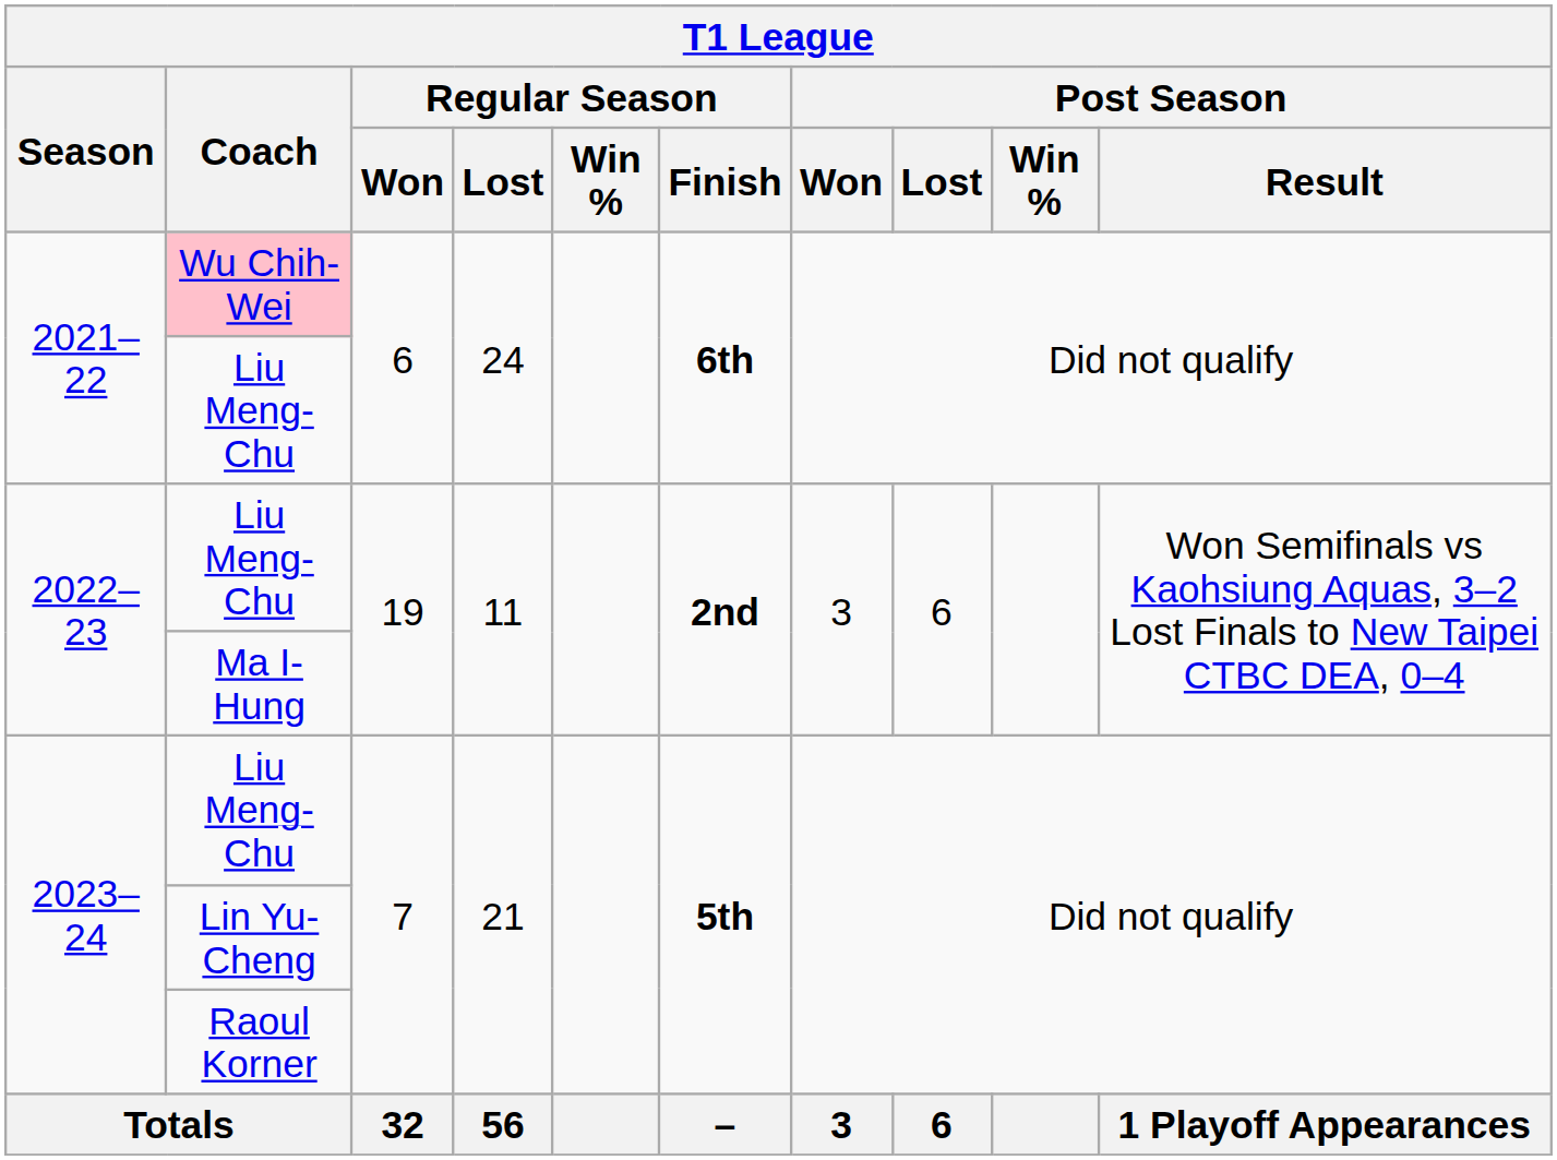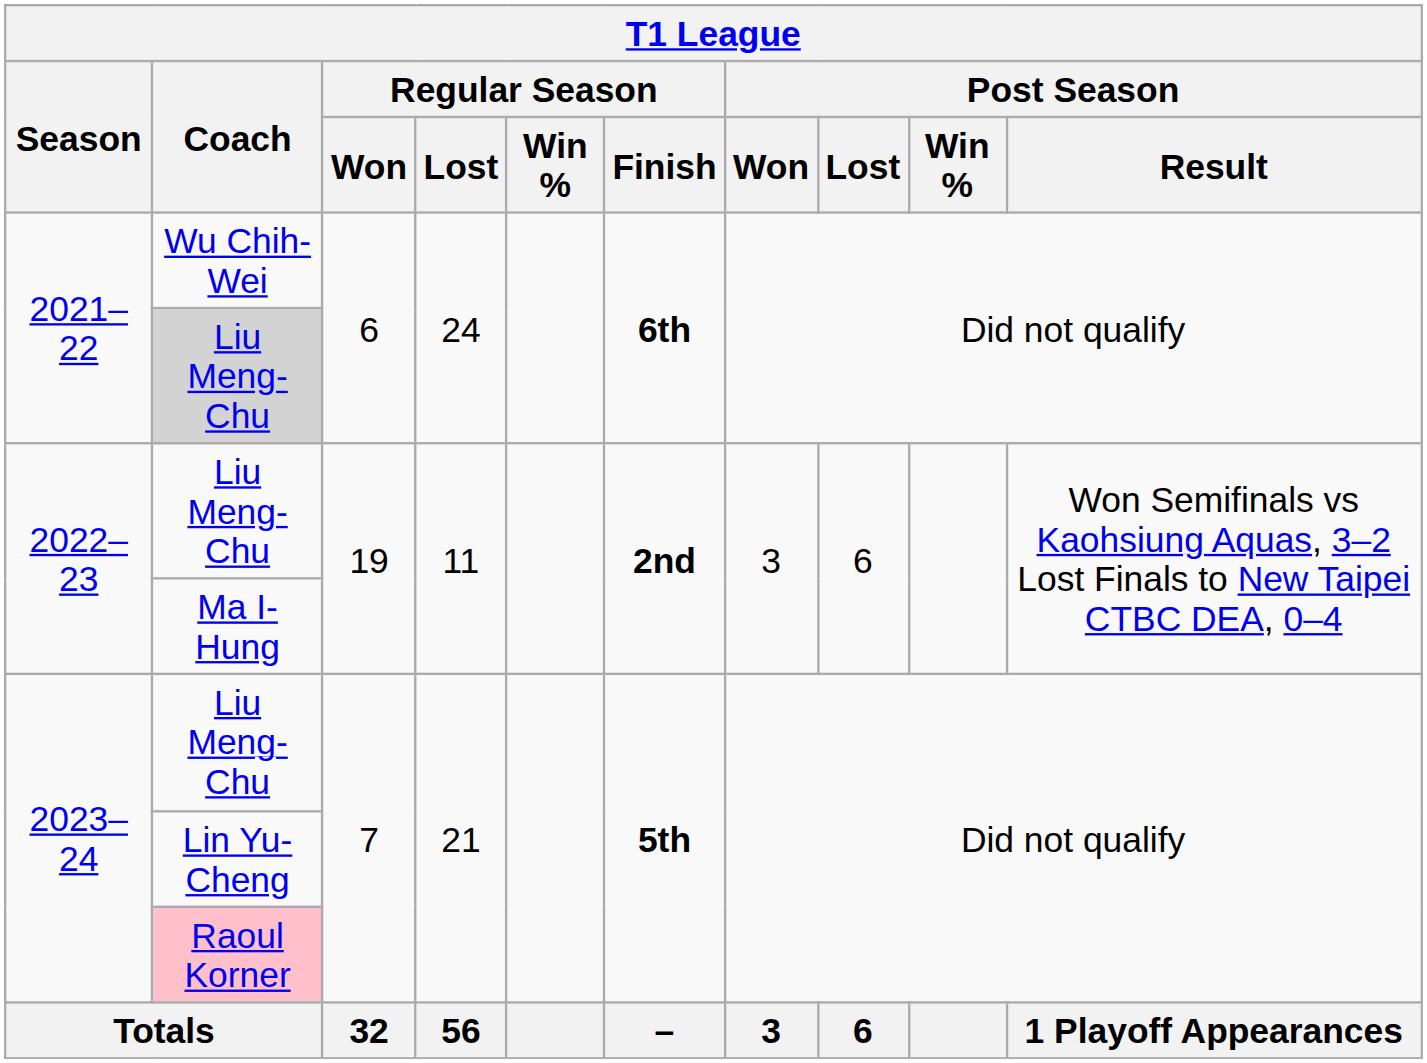 <table class="wikitable" style="font-size: 95%; text-align:center;">
 <tr>
 <th colspan="10"><a href='#'>T1 League</a></th>
 </tr>
 <tr>
 <th rowspan="2">Season</th>
 <th rowspan="2">Coach</th>
 <th colspan="4">Regular Season</th>
 <th colspan="4">Post Season</th>
 </tr>
 <tr>
 <th>Won</th>
 <th>Lost</th>
 <th>Win %</th>
 <th>Finish</th>
 <th>Won</th>
 <th>Lost</th>
 <th>Win %</th>
 <th>Result</th>
 </tr>
 <tr>
 <td rowspan="2"><a href='#'>2021–22</a></td>
-<td style="background: pink;"><a href='#'>Wu Chih-Wei</a></td>
+<td><a href='#'>Wu Chih-Wei</a></td>
 <td rowspan="2">6</td>
 <td rowspan="2">24</td>
 <td rowspan="2"></td>
 <td rowspan="2"><strong>6th</strong></td>
 <td rowspan="2" colspan="4">Did not qualify</td>
 </tr>
 <tr>
-<td><a href='#'>Liu Meng-Chu</a></td>
+<td style="background: lightgrey;"><a href='#'>Liu Meng-Chu</a></td>
 </tr>
 <tr>
 <td rowspan="2"><a href='#'>2022–23</a></td>
 <td><a href='#'>Liu Meng-Chu</a></td>
 <td rowspan="2">19</td>
 <td rowspan="2">11</td>
 <td rowspan="2"></td>
 <td rowspan="2"><strong>2nd</strong></td>
 <td rowspan="2">3</td>
 <td rowspan="2">6</td>
 <td rowspan="2"></td>
 <td rowspan="2">Won Semifinals vs <a href='#'>Kaohsiung Aquas</a>, <a href='#'>3–2</a><br>Lost Finals to <a href='#'>New Taipei CTBC DEA</a>, <a href='#'>0–4</a></td>
 </tr>
 <tr>
 <td><a href='#'>Ma I-Hung</a></td>
 </tr>
 <tr>
 <td rowspan="3"><a href='#'>2023–24</a></td>
 <td><a href='#'>Liu Meng-Chu</a></td>
 <td rowspan="3">7</td>
 <td rowspan="3">21</td>
 <td rowspan="3"></td>
 <td rowspan="3"><strong>5th</strong></td>
 <td rowspan="3" colspan="4">Did not qualify</td>
 </tr>
 <tr>
 <td><a href='#'>Lin Yu-Cheng</a></td>
 </tr>
 <tr>
-<td><a href='#'>Raoul Korner</a></td>
+<td style="background: pink;"><a href='#'>Raoul Korner</a></td>
 </tr>
 <tr>
 <th colspan="2">Totals</th>
 <th>32</th>
 <th>56</th>
 <th></th>
 <th>–</th>
 <th>3</th>
 <th>6</th>
 <th></th>
 <th>1 Playoff Appearances</th>
 </tr>
 </table>
